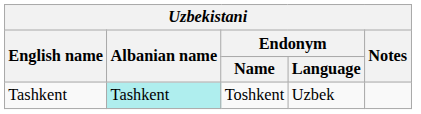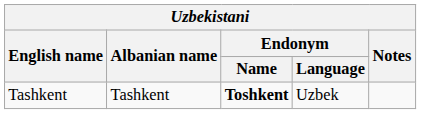 <table class="wikitable sortable">
 <tr>
 <th colspan="5"> <em>Uzbekistani</em></th>
 </tr>
 <tr>
 <th rowspan="2">English name</th>
 <th rowspan="2">Albanian name</th>
 <th colspan="2">Endonym</th>
 <th rowspan="2">Notes</th>
 </tr>
 <tr>
 <th>Name</th>
 <th>Language</th>
 </tr>
 <tr>
 <td>Tashkent</td>
-<td style="background: paleturquoise;">Tashkent</td>
-<td>Toshkent</td>
+<td>Tashkent</td>
+<td><strong>Toshkent</strong></td>
 <td>Uzbek</td>
 <td></td>
 </tr>
 </table>
